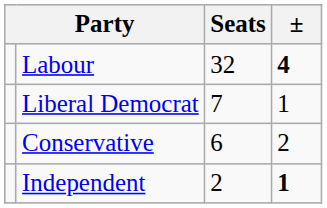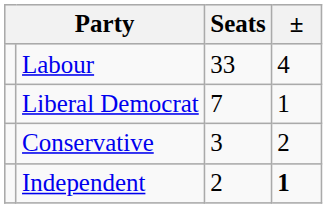 <table class="wikitable">
 <tr>
 <th colspan="2">Party</th>
 <th>Seats</th>
 <th>  ±  </th>
 </tr>
 <tr>
 <td style="background-color: "></td>
 <td><a href='#'>Labour</a></td>
-<td>32</td>
-<td><strong> 4</strong></td>
+<td>33</td>
+<td> 4</td>
 </tr>
 <tr>
 <td style="background-color: "></td>
 <td><a href='#'>Liberal Democrat</a></td>
 <td>7</td>
 <td> 1</td>
 </tr>
 <tr>
 <td style="background-color: "></td>
 <td><a href='#'>Conservative</a></td>
-<td>6</td>
+<td>3</td>
 <td> 2</td>
 </tr>
 <tr>
 <td style="background-color: "></td>
 <td><a href='#'>Independent</a></td>
 <td>2</td>
 <td><strong> 1</strong></td>
 </tr>
 </table>
